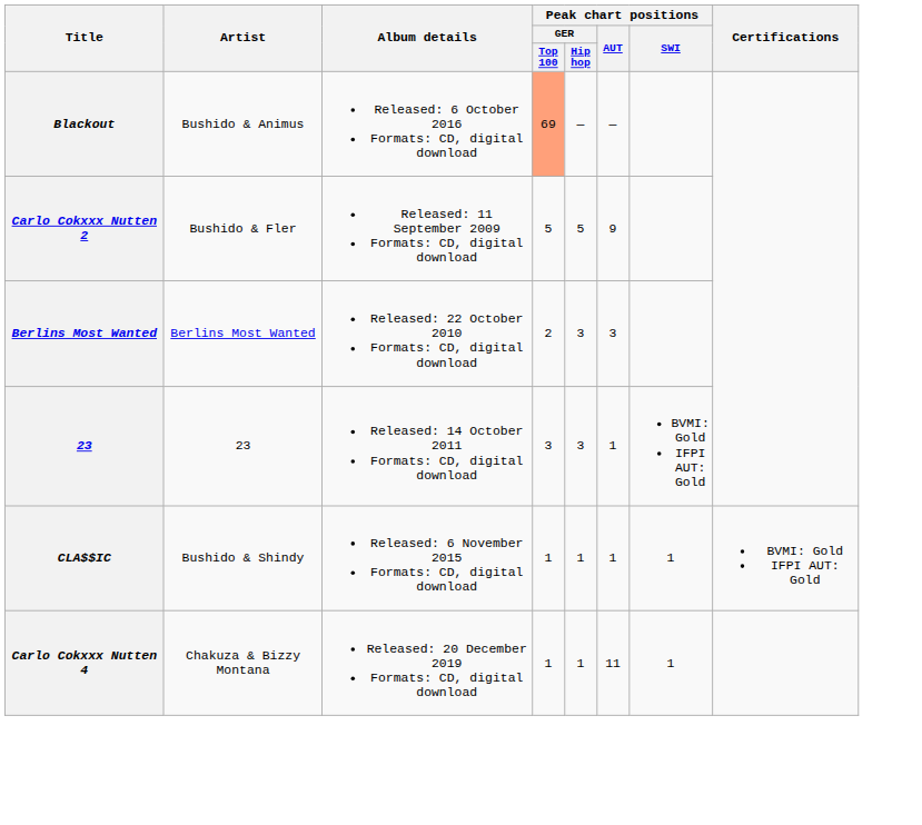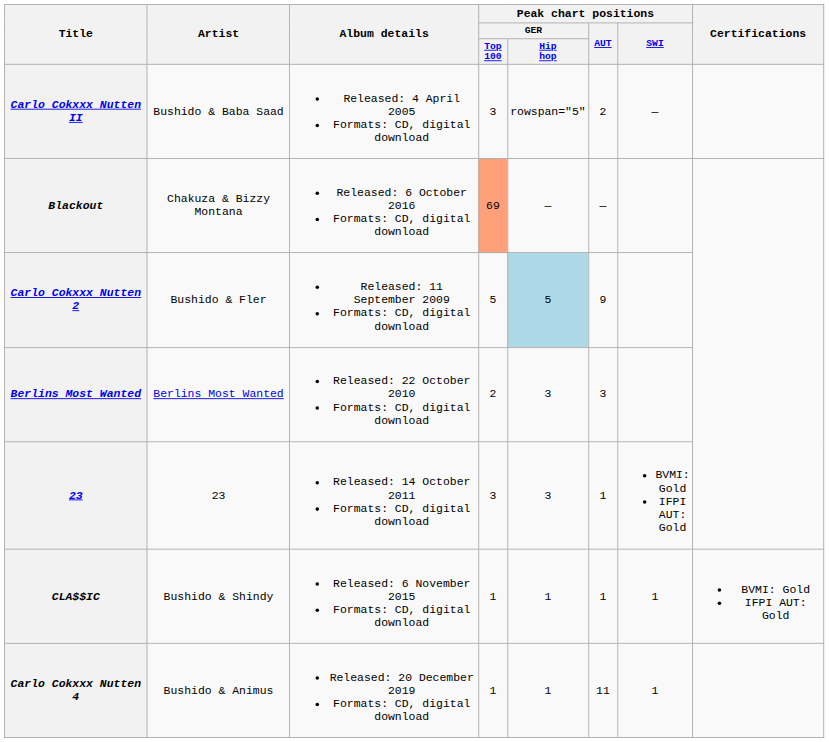 <table class="wikitable plainrowheaders" style="text-align:center;">
 <tr>
 <th scope="col" rowspan="3" style="width:12em;">Title</th>
 <th scope="col" rowspan="3" style="width:12em;">Artist</th>
 <th scope="col" rowspan="3" style="width:16em;">Album details</th>
 <th scope="col" colspan="4">Peak chart positions</th>
 <th scope="col" rowspan="3" style="width:11em;">Certifications</th>
 </tr>
 <tr>
 <th scope="col" style="width:2.5em; font-size:85%" colspan="2">GER</th>
 <th style="width:2.5em; font-size:85%" rowspan="2"><a href='#'>AUT</a><br></th>
 <th style="width:2.5em; font-size:85%" rowspan="2"><a href='#'>SWI</a><br></th>
 </tr>
 <tr>
 <th style="width:2.5em; font-size:85%"><a href='#'>Top<br>100</a><br></th>
 <th style="width:2.5em; font-size:85%"><a href='#'>Hip<br>hop</a><br></th>
 </tr>
 <tr>
+<th scope="row"><em><a href='#'>Carlo Cokxxx Nutten II</a></em></th>
+<td>Bushido & Baba Saad</td>
+<td><br><ul><li>Released: 4 April 2005</li><li>Formats: CD, digital download</li></ul></td>
+<td>3</td>
+<td>rowspan="5" </td>
+<td>2</td>
+<td>—</td>
+<td></td>
+</tr>
+<tr>
 <th scope="row"><em>Blackout</em></th>
-<td>Bushido & Animus</td>
+<td>Chakuza & Bizzy Montana</td>
 <td><br><ul><li>Released: 6 October 2016</li><li>Formats: CD, digital download</li></ul></td>
 <td style="background: lightsalmon;">69</td>
 <td>—</td>
 <td>—</td>
 <td></td>
 </tr>
 <tr>
 <th scope="row"><em><a href='#'>Carlo Cokxxx Nutten 2</a></em></th>
 <td>Bushido & Fler</td>
 <td><br><ul><li>Released: 11 September 2009</li><li>Formats: CD, digital download</li></ul></td>
 <td>5</td>
-<td>5</td>
+<td style="background: lightblue;">5</td>
 <td>9</td>
 <td></td>
 </tr>
 <tr>
 <th scope="row"><em><a href='#'>Berlins Most Wanted</a></em></th>
 <td><a href='#'>Berlins Most Wanted</a><br></td>
 <td><br><ul><li>Released: 22 October 2010</li><li>Formats: CD, digital download</li></ul></td>
 <td>2</td>
 <td>3</td>
 <td>3</td>
 <td></td>
 </tr>
 <tr>
 <th scope="row"><em><a href='#'>23</a></em></th>
 <td>23<br></td>
 <td><br><ul><li>Released: 14 October 2011</li><li>Formats: CD, digital download</li></ul></td>
 <td>3</td>
 <td>3</td>
 <td>1</td>
 <td><br><ul><li>BVMI: Gold</li><li>IFPI AUT: Gold</li></ul></td>
 </tr>
 <tr>
 <th scope="row"><em>CLA$$IC</em></th>
 <td>Bushido & Shindy</td>
 <td><br><ul><li>Released: 6 November 2015</li><li>Formats: CD, digital download</li></ul></td>
 <td>1</td>
 <td>1</td>
 <td>1</td>
 <td>1</td>
 <td><br><ul><li>BVMI: Gold</li><li>IFPI AUT: Gold</li></ul></td>
 </tr>
 <tr>
 <th scope="row"><em>Carlo Cokxxx Nutten 4</em></th>
-<td>Chakuza & Bizzy Montana</td>
+<td>Bushido & Animus</td>
 <td><br><ul><li>Released: 20 December 2019</li><li>Formats: CD, digital download</li></ul></td>
 <td>1</td>
 <td>1</td>
 <td>11</td>
 <td>1</td>
 <td></td>
 </tr>
 </table>
